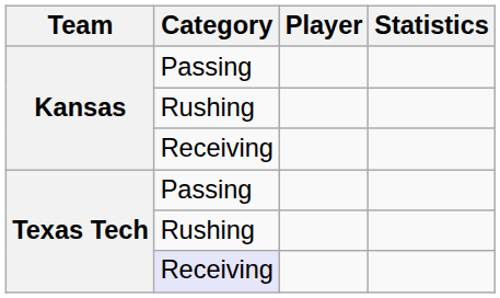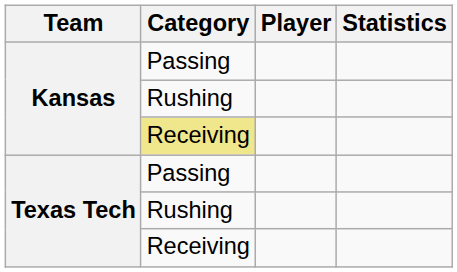 <table class="wikitable" style="float:right">
 <tr>
 <th>Team</th>
 <th>Category</th>
 <th>Player</th>
 <th>Statistics</th>
 </tr>
 <tr>
 <th rowspan=3>Kansas</th>
 <td>Passing</td>
 <td></td>
 <td></td>
 </tr>
 <tr>
 <td>Rushing</td>
 <td></td>
 <td></td>
 </tr>
 <tr>
-<td>Receiving</td>
+<td style="background: khaki;">Receiving</td>
 <td></td>
 <td></td>
 </tr>
 <tr>
 <th rowspan=3>Texas Tech</th>
 <td>Passing</td>
 <td></td>
 <td></td>
 </tr>
 <tr>
 <td>Rushing</td>
 <td></td>
 <td></td>
 </tr>
 <tr>
-<td style="background: lavender;">Receiving</td>
+<td>Receiving</td>
 <td></td>
 <td></td>
 </tr>
 </table>
